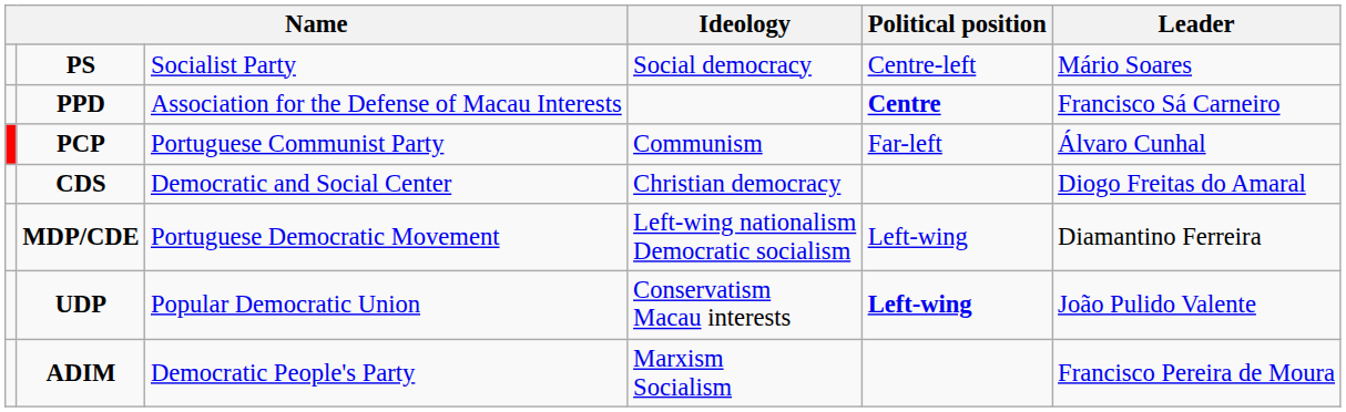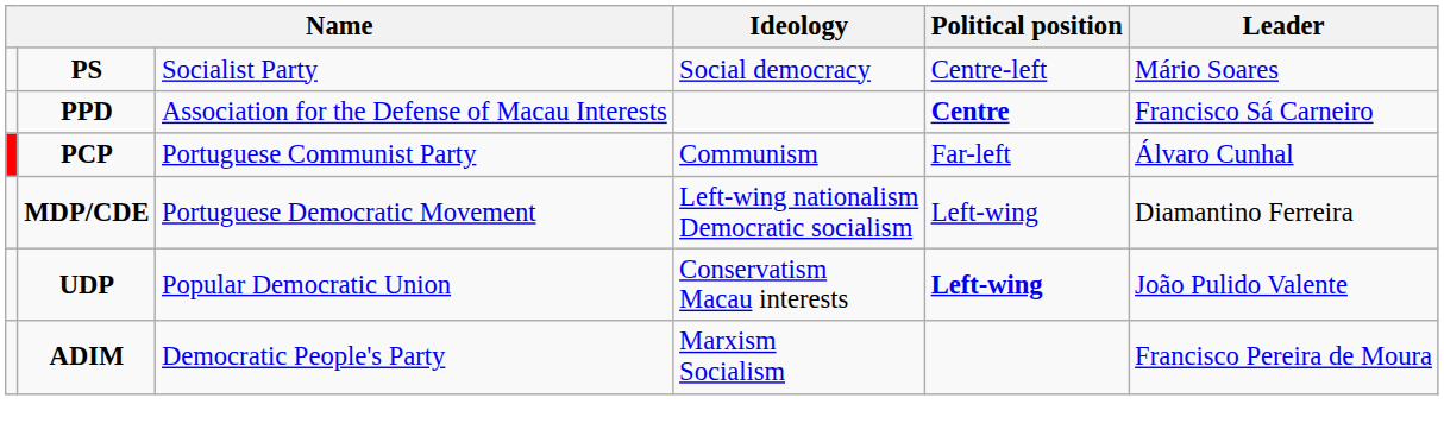 <table class="wikitable">
 <tr>
 <th colspan="3">Name</th>
 <th>Ideology</th>
 <th>Political position</th>
 <th>Leader</th>
 </tr>
 <tr>
 <td style="color:inherit;background:"></td>
 <td style="text-align:center;"><strong>PS</strong></td>
 <td><a href='#'>Socialist Party</a><br></td>
 <td><a href='#'>Social democracy</a></td>
 <td><a href='#'>Centre-left</a></td>
 <td><a href='#'>Mário Soares</a></td>
 </tr>
 <tr>
 <td style="color:inherit;background:"></td>
 <td style="text-align:center;"><strong>PPD</strong></td>
 <td><a href='#'>Association for the Defense of Macau Interests</a><br></td>
 <td></td>
 <td><strong><a href='#'>Centre</a></strong></td>
 <td><a href='#'>Francisco Sá Carneiro</a></td>
 </tr>
 <tr>
 <td style="background:#f00;"></td>
 <td style="text-align:center;"><strong>PCP</strong></td>
 <td><a href='#'>Portuguese Communist Party</a><br></td>
 <td><a href='#'>Communism</a></td>
 <td><a href='#'>Far-left</a></td>
 <td><a href='#'>Álvaro Cunhal</a></td>
 </tr>
 <tr>
 <td style="color:inherit;background:"></td>
-<td style="text-align:center;"><strong>CDS</strong></td>
-<td><a href='#'>Democratic and Social Center</a><br></td>
-<td><a href='#'>Christian democracy</a></td>
-<td></td>
-<td><a href='#'>Diogo Freitas do Amaral</a></td>
-</tr>
-<tr>
-<td style="color:inherit;background:"></td>
 <td style="text-align:center;"><strong>MDP/CDE</strong></td>
 <td><a href='#'>Portuguese Democratic Movement</a><br></td>
 <td><a href='#'>Left-wing nationalism</a><br><a href='#'>Democratic socialism</a></td>
 <td><a href='#'>Left-wing</a></td>
 <td>Diamantino Ferreira</td>
 </tr>
 <tr>
 <td style="background:"></td>
 <td style="text-align:center;"><strong>UDP</strong></td>
 <td><a href='#'>Popular Democratic Union</a><br></td>
 <td><a href='#'>Conservatism</a><br><a href='#'>Macau</a> interests</td>
 <td><strong><a href='#'>Left-wing</a></strong></td>
 <td><a href='#'>João Pulido Valente</a></td>
 </tr>
 <tr>
 <td style="color:inherit;background:"></td>
 <td style="text-align:center;"><strong>ADIM</strong></td>
 <td><a href='#'>Democratic People's Party</a><br></td>
 <td><a href='#'>Marxism</a><br><a href='#'>Socialism</a></td>
 <td></td>
 <td><a href='#'>Francisco Pereira de Moura</a></td>
 </tr>
 </table>
